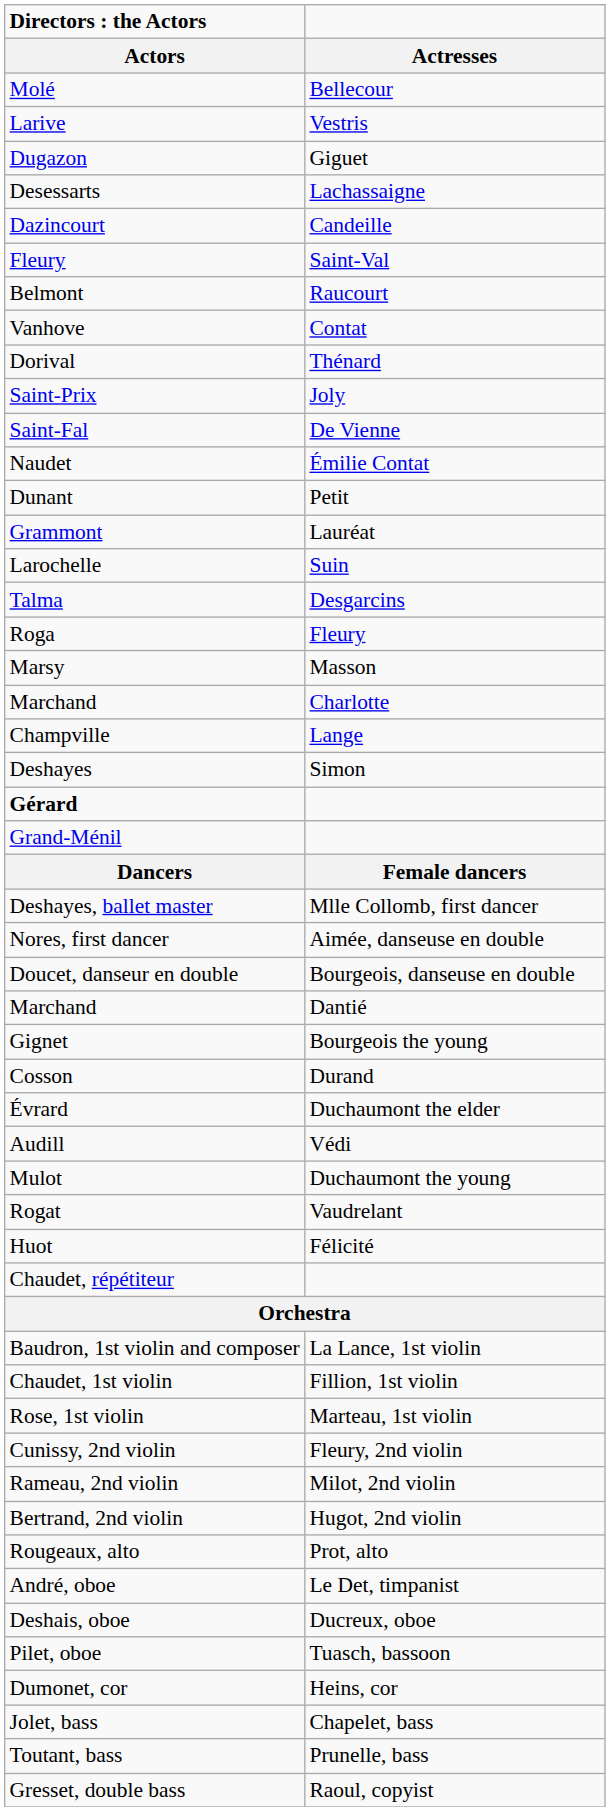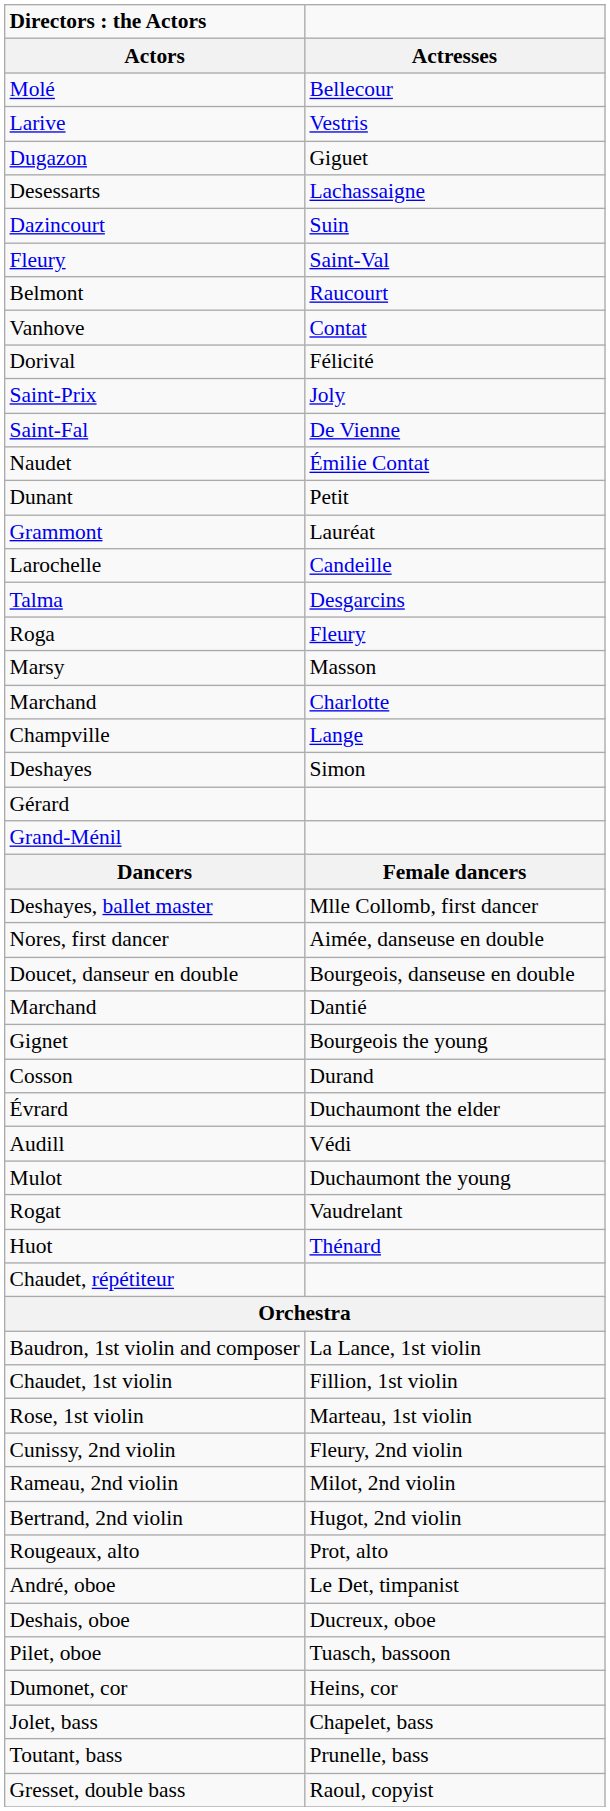 <table class="wikitable centre">
 <tr>
 <td><strong>Directors : the Actors</strong></td>
 </tr>
 <tr>
 <th width="50%" align="center">Actors</th>
 <th width="50%" align="center">Actresses</th>
 </tr>
 <tr>
 <td><a href='#'>Molé</a></td>
 <td><a href='#'>Bellecour</a></td>
 </tr>
 <tr>
 <td><a href='#'>Larive</a></td>
 <td><a href='#'>Vestris</a></td>
 </tr>
 <tr>
 <td><a href='#'>Dugazon</a></td>
 <td>Giguet</td>
 </tr>
 <tr>
 <td>Desessarts</td>
 <td><a href='#'> Lachassaigne</a></td>
 </tr>
 <tr>
 <td><a href='#'>Dazincourt</a></td>
-<td><a href='#'>Candeille</a></td>
+<td><a href='#'> Suin</a></td>
 </tr>
 <tr>
 <td><a href='#'>Fleury</a></td>
 <td><a href='#'> Saint-Val</a></td>
 </tr>
 <tr>
 <td>Belmont</td>
 <td><a href='#'>Raucourt</a></td>
 </tr>
 <tr>
 <td>Vanhove</td>
 <td><a href='#'>Contat</a></td>
 </tr>
 <tr>
 <td>Dorival</td>
-<td><a href='#'> Thénard</a></td>
+<td>Félicité</td>
 </tr>
 <tr>
 <td><a href='#'>Saint-Prix</a></td>
 <td><a href='#'> Joly</a></td>
 </tr>
 <tr>
 <td><a href='#'>Saint-Fal</a></td>
 <td><a href='#'> De Vienne</a></td>
 </tr>
 <tr>
 <td>Naudet</td>
 <td><a href='#'>Émilie Contat</a></td>
 </tr>
 <tr>
 <td>Dunant</td>
 <td>Petit</td>
 </tr>
 <tr>
 <td><a href='#'>Grammont</a></td>
 <td>Lauréat</td>
 </tr>
 <tr>
 <td>Larochelle</td>
-<td><a href='#'> Suin</a></td>
+<td><a href='#'>Candeille</a></td>
 </tr>
 <tr>
 <td><a href='#'>Talma</a></td>
 <td><a href='#'>Desgarcins</a></td>
 </tr>
 <tr>
 <td>Roga</td>
 <td><a href='#'>Fleury</a></td>
 </tr>
 <tr>
 <td>Marsy</td>
 <td>Masson</td>
 </tr>
 <tr>
 <td>Marchand</td>
 <td><a href='#'>Charlotte</a></td>
 </tr>
 <tr>
 <td>Champville</td>
 <td><a href='#'>Lange</a></td>
 </tr>
 <tr>
 <td>Deshayes</td>
 <td>Simon</td>
 </tr>
 <tr>
-<td><strong>Gérard</strong></td>
+<td>Gérard</td>
 <td></td>
 </tr>
 <tr>
 <td><a href='#'>Grand-Ménil</a></td>
 <td></td>
 </tr>
 <tr>
 <th align="center">Dancers</th>
 <th align="center">Female dancers</th>
 </tr>
 <tr>
 <td>Deshayes, <a href='#'>ballet master</a></td>
 <td>Mlle Collomb, first dancer</td>
 </tr>
 <tr>
 <td>Nores, first dancer</td>
 <td>Aimée, danseuse en double</td>
 </tr>
 <tr>
 <td>Doucet, danseur en double</td>
 <td>Bourgeois, danseuse en double</td>
 </tr>
 <tr>
 <td>Marchand</td>
 <td>Dantié</td>
 </tr>
 <tr>
 <td>Gignet</td>
 <td>Bourgeois the young</td>
 </tr>
 <tr>
 <td>Cosson</td>
 <td>Durand</td>
 </tr>
 <tr>
 <td>Évrard</td>
 <td>Duchaumont the elder</td>
 </tr>
 <tr>
 <td>Audill</td>
 <td>Védi</td>
 </tr>
 <tr>
 <td>Mulot</td>
 <td>Duchaumont the young</td>
 </tr>
 <tr>
 <td>Rogat</td>
 <td>Vaudrelant</td>
 </tr>
 <tr>
 <td>Huot</td>
-<td>Félicité</td>
+<td><a href='#'> Thénard</a></td>
 </tr>
 <tr>
 <td>Chaudet, <a href='#'>répétiteur</a></td>
 </tr>
 <tr>
 <th colspan="2" align="center">Orchestra</th>
 </tr>
 <tr>
 <td>Baudron, 1st violin and composer</td>
 <td>La Lance, 1st violin</td>
 </tr>
 <tr>
 <td>Chaudet, 1st violin</td>
 <td>Fillion, 1st violin</td>
 </tr>
 <tr>
 <td>Rose, 1st violin</td>
 <td>Marteau, 1st violin</td>
 </tr>
 <tr>
 <td>Cunissy, 2nd violin</td>
 <td>Fleury, 2nd violin</td>
 </tr>
 <tr>
 <td>Rameau, 2nd violin</td>
 <td>Milot, 2nd violin</td>
 </tr>
 <tr>
 <td>Bertrand, 2nd violin</td>
 <td>Hugot, 2nd violin</td>
 </tr>
 <tr>
 <td>Rougeaux, alto</td>
 <td>Prot, alto</td>
 </tr>
 <tr>
 <td>André, oboe</td>
 <td>Le Det, timpanist</td>
 </tr>
 <tr>
 <td>Deshais, oboe</td>
 <td>Ducreux, oboe</td>
 </tr>
 <tr>
 <td>Pilet, oboe</td>
 <td>Tuasch, bassoon</td>
 </tr>
 <tr>
 <td>Dumonet, cor</td>
 <td>Heins, cor</td>
 </tr>
 <tr>
 <td>Jolet, bass</td>
 <td>Chapelet, bass</td>
 </tr>
 <tr>
 <td>Toutant, bass</td>
 <td>Prunelle, bass</td>
 </tr>
 <tr>
 <td>Gresset, double bass</td>
 <td>Raoul, copyist</td>
 </tr>
 </table>
